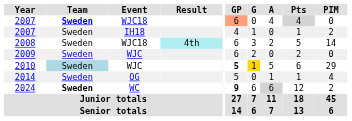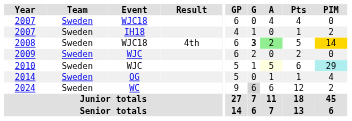 <table border="0" cellpadding="1" cellspacing="0" ID="Table3" style="text-align:center; width:40em;">
 <tr bgcolor="#e0e0e0">
 <th>Year</th>
 <th>Team</th>
 <th>Event</th>
 <th>Result</th>
 <th rowspan="99" bgcolor="#fff"></th>
 <th>GP</th>
 <th>G</th>
 <th>A</th>
 <th>Pts</th>
 <th>PIM</th>
 </tr>
 <tr>
 <td><a href='#'>2007</a></td>
-<td><strong><a href='#'>Sweden</a></strong></td>
+<td><a href='#'>Sweden</a></td>
 <td><a href='#'>WJC18</a></td>
 <td></td>
-<td style="background: lightsalmon;">6</td>
+<td>6</td>
 <td>0</td>
 <td>4</td>
-<td style="background: lightgrey;">4</td>
+<td>4</td>
 <td>0</td>
 </tr>
 <tr bgcolor="#f0f0f0">
 <td><a href='#'>2007</a></td>
 <td>Sweden</td>
 <td><a href='#'>IH18</a></td>
 <td></td>
 <td>4</td>
 <td>1</td>
 <td>0</td>
 <td>1</td>
 <td>2</td>
 </tr>
 <tr>
 <td><a href='#'>2008</a></td>
 <td>Sweden</td>
 <td>WJC18</td>
-<td style="background: paleturquoise;">4th</td>
+<td>4th</td>
 <td>6</td>
-<td>3</td>
-<td>2</td>
+<td><strong>3</strong></td>
+<td style="background: lightgreen;">2</td>
 <td>5</td>
-<td>14</td>
+<td style="background: gold;">14</td>
 </tr>
 <tr bgcolor="#f0f0f0">
 <td><a href='#'>2009</a></td>
 <td><a href='#'>Sweden</a></td>
 <td><a href='#'>WJC</a></td>
 <td></td>
 <td>6</td>
 <td>2</td>
 <td>0</td>
 <td>2</td>
 <td>0</td>
 </tr>
 <tr>
 <td><a href='#'>2010</a></td>
-<td style="background: lightblue;">Sweden</td>
+<td>Sweden</td>
 <td>WJC</td>
 <td></td>
-<td><strong>5</strong></td>
-<td style="background: gold;">1</td>
 <td>5</td>
+<td>1</td>
+<td style="background: lightyellow;">5</td>
 <td>6</td>
-<td>29</td>
+<td style="background: paleturquoise;">29</td>
 </tr>
 <tr bgcolor="#f0f0f0">
 <td><a href='#'>2014</a></td>
 <td><a href='#'>Sweden</a></td>
 <td><a href='#'>OG</a></td>
 <td></td>
 <td>5</td>
 <td>0</td>
 <td>1</td>
 <td>1</td>
 <td>4</td>
 </tr>
 <tr>
 <td><a href='#'>2024</a></td>
-<td><strong>Sweden</strong></td>
+<td>Sweden</td>
 <td><a href='#'>WC</a></td>
 <td></td>
-<td><strong>9</strong></td>
+<td>9</td>
+<td style="background: lightgrey;">6</td>
 <td>6</td>
-<td style="background: lightgrey;">6</td>
 <td>12</td>
 <td>2</td>
 </tr>
 <tr bgcolor="#e0e0e0">
 <th colspan="4">Junior totals</th>
 <th>27</th>
 <th>7</th>
 <th>11</th>
 <th>18</th>
 <th>45</th>
 </tr>
 <tr bgcolor="#e0e0e0">
 <th colspan="4">Senior totals</th>
 <th>14</th>
 <th>6</th>
 <th>7</th>
 <th>13</th>
 <th>6</th>
 </tr>
 </table>
